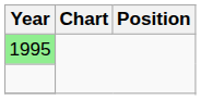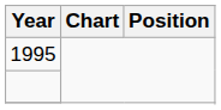 <table class="wikitable">
 <tr>
 <th>Year</th>
 <th>Chart</th>
 <th>Position</th>
 </tr>
 <tr>
-<td style="background: lightgreen;">1995<br></td>
+<td>1995<br></td>
 </tr>
 <tr>
 <td><br></td>
 </tr>
 <tr>
 </tr>
 </table>
